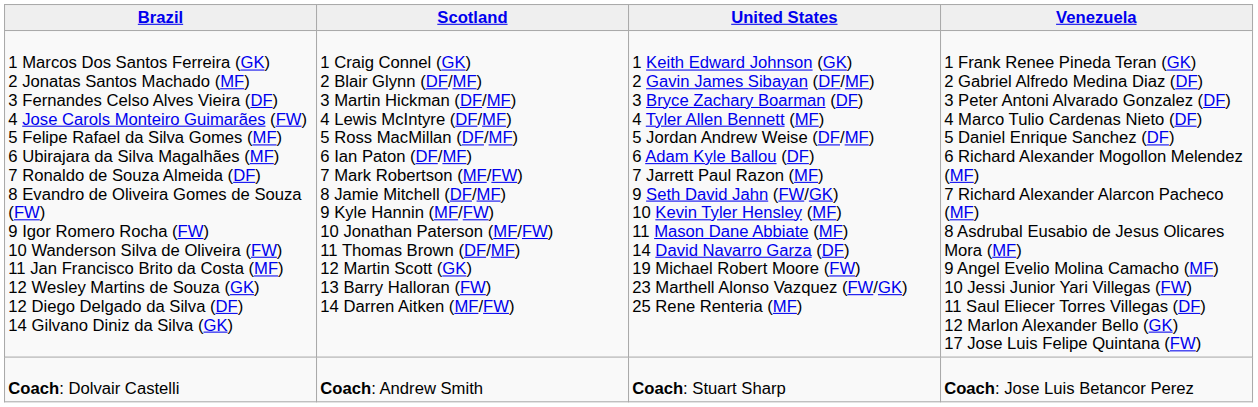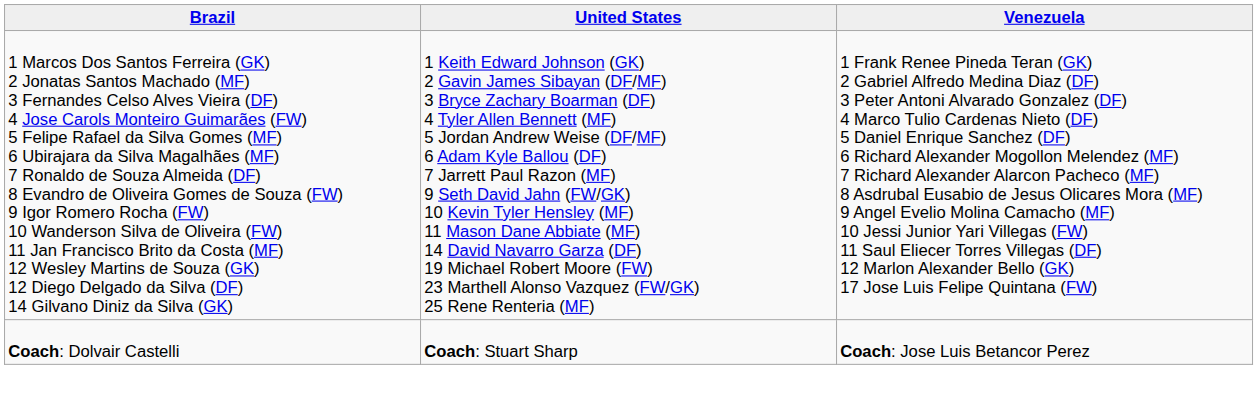 <table class="wikitable mw-collapsible mw-collapsed" cellpadding=5 cellspacing=0 style="width:95%">
 <tr align=center>
 <td bgcolor="#efefef" width="200"><strong> <a href='#'>Brazil</a></strong></td>
-<td bgcolor="#efefef" width="200"><strong> <a href='#'>Scotland</a></strong></td>
 <td bgcolor="#efefef" width="200"><strong> <a href='#'>United States</a></strong></td>
 <td bgcolor="#efefef" width="200"><strong> <a href='#'>Venezuela</a></strong></td>
 </tr>
 <tr valign=top>
 <td><br>1 Marcos Dos Santos Ferreira (<a href='#'>GK</a>)<br> 2 Jonatas Santos Machado (<a href='#'>MF</a>)<br> 3 Fernandes Celso Alves Vieira (<a href='#'>DF</a>)<br> 4 <a href='#'>Jose Carols Monteiro Guimarães</a> (<a href='#'>FW</a>)<br> 5 Felipe Rafael da Silva Gomes (<a href='#'>MF</a>)<br> 6 Ubirajara da Silva Magalhães (<a href='#'>MF</a>)<br> 7 Ronaldo de Souza Almeida (<a href='#'>DF</a>)<br> 8 Evandro de Oliveira Gomes de Souza (<a href='#'>FW</a>)<br> 9 Igor Romero Rocha (<a href='#'>FW</a>)<br> 10 Wanderson Silva de Oliveira (<a href='#'>FW</a>)<br> 11 Jan Francisco Brito da Costa (<a href='#'>MF</a>)<br> 12 Wesley Martins de Souza (<a href='#'>GK</a>)<br> 12 Diego Delgado da Silva (<a href='#'>DF</a>)<br> 14 Gilvano Diniz da Silva (<a href='#'>GK</a>)</td>
-<td><br>1 Craig Connel (<a href='#'>GK</a>)<br> 2 Blair Glynn (<a href='#'>DF</a>/<a href='#'>MF</a>)<br> 3 Martin Hickman (<a href='#'>DF</a>/<a href='#'>MF</a>)<br> 4 Lewis McIntyre (<a href='#'>DF</a>/<a href='#'>MF</a>)<br> 5 Ross MacMillan (<a href='#'>DF</a>/<a href='#'>MF</a>)<br> 6 Ian Paton (<a href='#'>DF</a>/<a href='#'>MF</a>)<br> 7 Mark Robertson (<a href='#'>MF</a>/<a href='#'>FW</a>)<br> 8 Jamie Mitchell (<a href='#'>DF</a>/<a href='#'>MF</a>)<br> 9 Kyle Hannin (<a href='#'>MF</a>/<a href='#'>FW</a>)<br> 10 Jonathan Paterson (<a href='#'>MF</a>/<a href='#'>FW</a>)<br> 11 Thomas Brown (<a href='#'>DF</a>/<a href='#'>MF</a>)<br> 12 Martin Scott (<a href='#'>GK</a>)<br> 13 Barry Halloran (<a href='#'>FW</a>)<br> 14 Darren Aitken (<a href='#'>MF</a>/<a href='#'>FW</a>)</td>
 <td><br>1 <a href='#'>Keith Edward Johnson</a> (<a href='#'>GK</a>)<br> 2 <a href='#'>Gavin James Sibayan</a> (<a href='#'>DF</a>/<a href='#'>MF</a>)<br> 3 <a href='#'>Bryce Zachary Boarman</a> (<a href='#'>DF</a>)<br> 4 <a href='#'>Tyler Allen Bennett</a> (<a href='#'>MF</a>)<br> 5 Jordan Andrew Weise (<a href='#'>DF</a>/<a href='#'>MF</a>)<br> 6 <a href='#'>Adam Kyle Ballou</a> (<a href='#'>DF</a>)<br> 7 Jarrett Paul Razon (<a href='#'>MF</a>)<br> 9 <a href='#'>Seth David Jahn</a> (<a href='#'>FW</a>/<a href='#'>GK</a>)<br> 10 <a href='#'>Kevin Tyler Hensley</a> (<a href='#'>MF</a>)<br> 11 <a href='#'>Mason Dane Abbiate</a> (<a href='#'>MF</a>)<br> 14 <a href='#'>David Navarro Garza</a> (<a href='#'>DF</a>)<br> 19 Michael Robert Moore (<a href='#'>FW</a>)<br> 23 Marthell Alonso Vazquez (<a href='#'>FW</a>/<a href='#'>GK</a>)<br> 25 Rene Renteria (<a href='#'>MF</a>)</td>
 <td><br>1 Frank Renee Pineda Teran (<a href='#'>GK</a>)<br> 2 Gabriel Alfredo Medina Diaz (<a href='#'>DF</a>)<br> 3 Peter Antoni Alvarado Gonzalez (<a href='#'>DF</a>)<br> 4 Marco Tulio Cardenas Nieto (<a href='#'>DF</a>)<br> 5 Daniel Enrique Sanchez (<a href='#'>DF</a>)<br> 6 Richard Alexander Mogollon Melendez (<a href='#'>MF</a>)<br> 7 Richard Alexander Alarcon Pacheco (<a href='#'>MF</a>)<br> 8 Asdrubal Eusabio de Jesus Olicares Mora (<a href='#'>MF</a>)<br> 9 Angel Evelio Molina Camacho (<a href='#'>MF</a>)<br> 10 Jessi Junior Yari Villegas (<a href='#'>FW</a>)<br> 11 Saul Eliecer Torres Villegas (<a href='#'>DF</a>)<br> 12 Marlon Alexander Bello (<a href='#'>GK</a>)<br> 17 Jose Luis Felipe Quintana (<a href='#'>FW</a>)</td>
 </tr>
 <tr valign=top>
 <td><br><strong>Coach</strong>: Dolvair Castelli</td>
-<td><br><strong>Coach</strong>: Andrew Smith</td>
 <td><br><strong>Coach</strong>: Stuart Sharp</td>
 <td><br><strong>Coach</strong>: Jose Luis Betancor Perez</td>
 </tr>
 </table>
